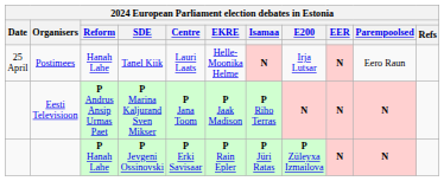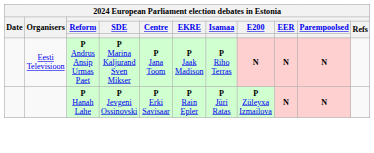 <table class="wikitable" style="font-size:85%; line-height:15px; text-align:center;">
 <tr>
 <th colspan="11">2024 European Parliament election debates in Estonia</th>
 </tr>
 <tr>
 <th rowspan="3">Date</th>
 <th rowspan="3">Organisers</th>
 <th colspan="9">    </th>
 </tr>
 <tr>
 <th scope="col" style="width:5em"><a href='#'>Reform</a></th>
 <th scope="col" style="width:5em"><a href='#'>SDE</a></th>
 <th scope="col" style="width:5em"><a href='#'>Centre</a></th>
 <th scope="col" style="width:5em"><a href='#'>EKRE</a></th>
 <th scope="col" style="width:5em"><a href='#'>Isamaa</a></th>
 <th scope="col" style="width:5em"><a href='#'>E200</a></th>
 <th scope="col" style="width:5em"><a href='#'>EER</a></th>
 <th scope="col" style="width:5em"><a href='#'>Parempoolsed</a></th>
 <th rowspan="2">Refs</th>
 </tr>
 <tr>
 <th style="background:"></th>
 <th style="background:"></th>
 <th style="background:"></th>
 <th style="background:"></th>
 <th style="background:"></th>
 <th style="background:"></th>
 <th style="background:"></th>
 <th style="background:"></th>
 </tr>
 <tr>
-<td>25 April</td>
-<td><a href='#'>Postimees</a></td>
-<td><a href='#'>Hanah Lahe</a></td>
-<td><a href='#'>Tanel Kiik</a></td>
-<td><a href='#'>Lauri Laats</a></td>
-<td><a href='#'>Helle-Moonika Helme</a></td>
-<td style="background:#FFD0D0"><strong>N</strong></td>
-<td><a href='#'>Irja Lutsar</a></td>
-<td style="background:#FFD0D0"><strong>N</strong></td>
-<td>Eero Raun</td>
-<td></td>
-</tr>
-<tr>
 <td></td>
 <td><a href='#'>Eesti Televisioon</a></td>
 <td style="background:#D0FFD0"><strong>P</strong><br><a href='#'>Andrus Ansip</a><br><a href='#'>Urmas Paet</a></td>
 <td style="background:#D0FFD0"><strong>P</strong><br><a href='#'>Marina Kaljurand</a><br><a href='#'>Sven Mikser</a></td>
 <td style="background:#D0FFD0"><strong>P</strong><br><a href='#'>Jana Toom</a></td>
 <td style="background:#D0FFD0"><strong>P</strong><br><a href='#'>Jaak Madison</a></td>
 <td style="background:#D0FFD0"><strong>P</strong><br><a href='#'>Riho Terras</a></td>
 <td style="background:#FFD0D0"><strong>N</strong></td>
 <td style="background:#FFD0D0"><strong>N</strong></td>
 <td style="background:#FFD0D0"><strong>N</strong></td>
 <td></td>
 </tr>
 <tr>
 <td></td>
 <td><a href='#'></a><br></td>
 <td style="background:#D0FFD0"><strong>P</strong><br><a href='#'>Hanah Lahe</a></td>
 <td style="background:#D0FFD0"><strong>P</strong><br><a href='#'>Jevgeni Ossinovski</a></td>
 <td style="background:#D0FFD0"><strong>P</strong><br><a href='#'>Erki Savisaar</a></td>
 <td style="background:#D0FFD0"><strong>P</strong><br><a href='#'>Rain Epler</a></td>
 <td style="background:#D0FFD0"><strong>P</strong><br><a href='#'>Jüri Ratas</a></td>
 <td style="background:#D0FFD0"><strong>P</strong><br><a href='#'>Züleyxa Izmailova</a></td>
 <td style="background:#FFD0D0"><strong>N</strong></td>
 <td style="background:#FFD0D0"><strong>N</strong></td>
 <td></td>
 </tr>
 </table>
